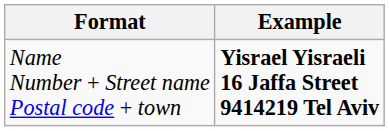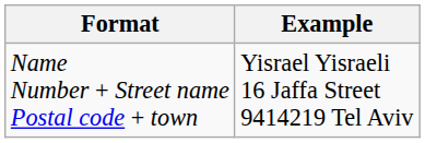 <table class="wikitable">
 <tr>
 <th>Format</th>
 <th>Example</th>
 </tr>
 <tr>
 <td><em>Name</em><br><em>Number</em> + <em>Street name</em><br><em><a href='#'>Postal code</a></em> + <em>town</em></td>
-<td><strong>Yisrael Yisraeli<br>16 Jaffa Street<br>9414219 Tel Aviv</strong></td>
+<td>Yisrael Yisraeli<br>16 Jaffa Street<br>9414219 Tel Aviv</td>
 </tr>
 </table>
